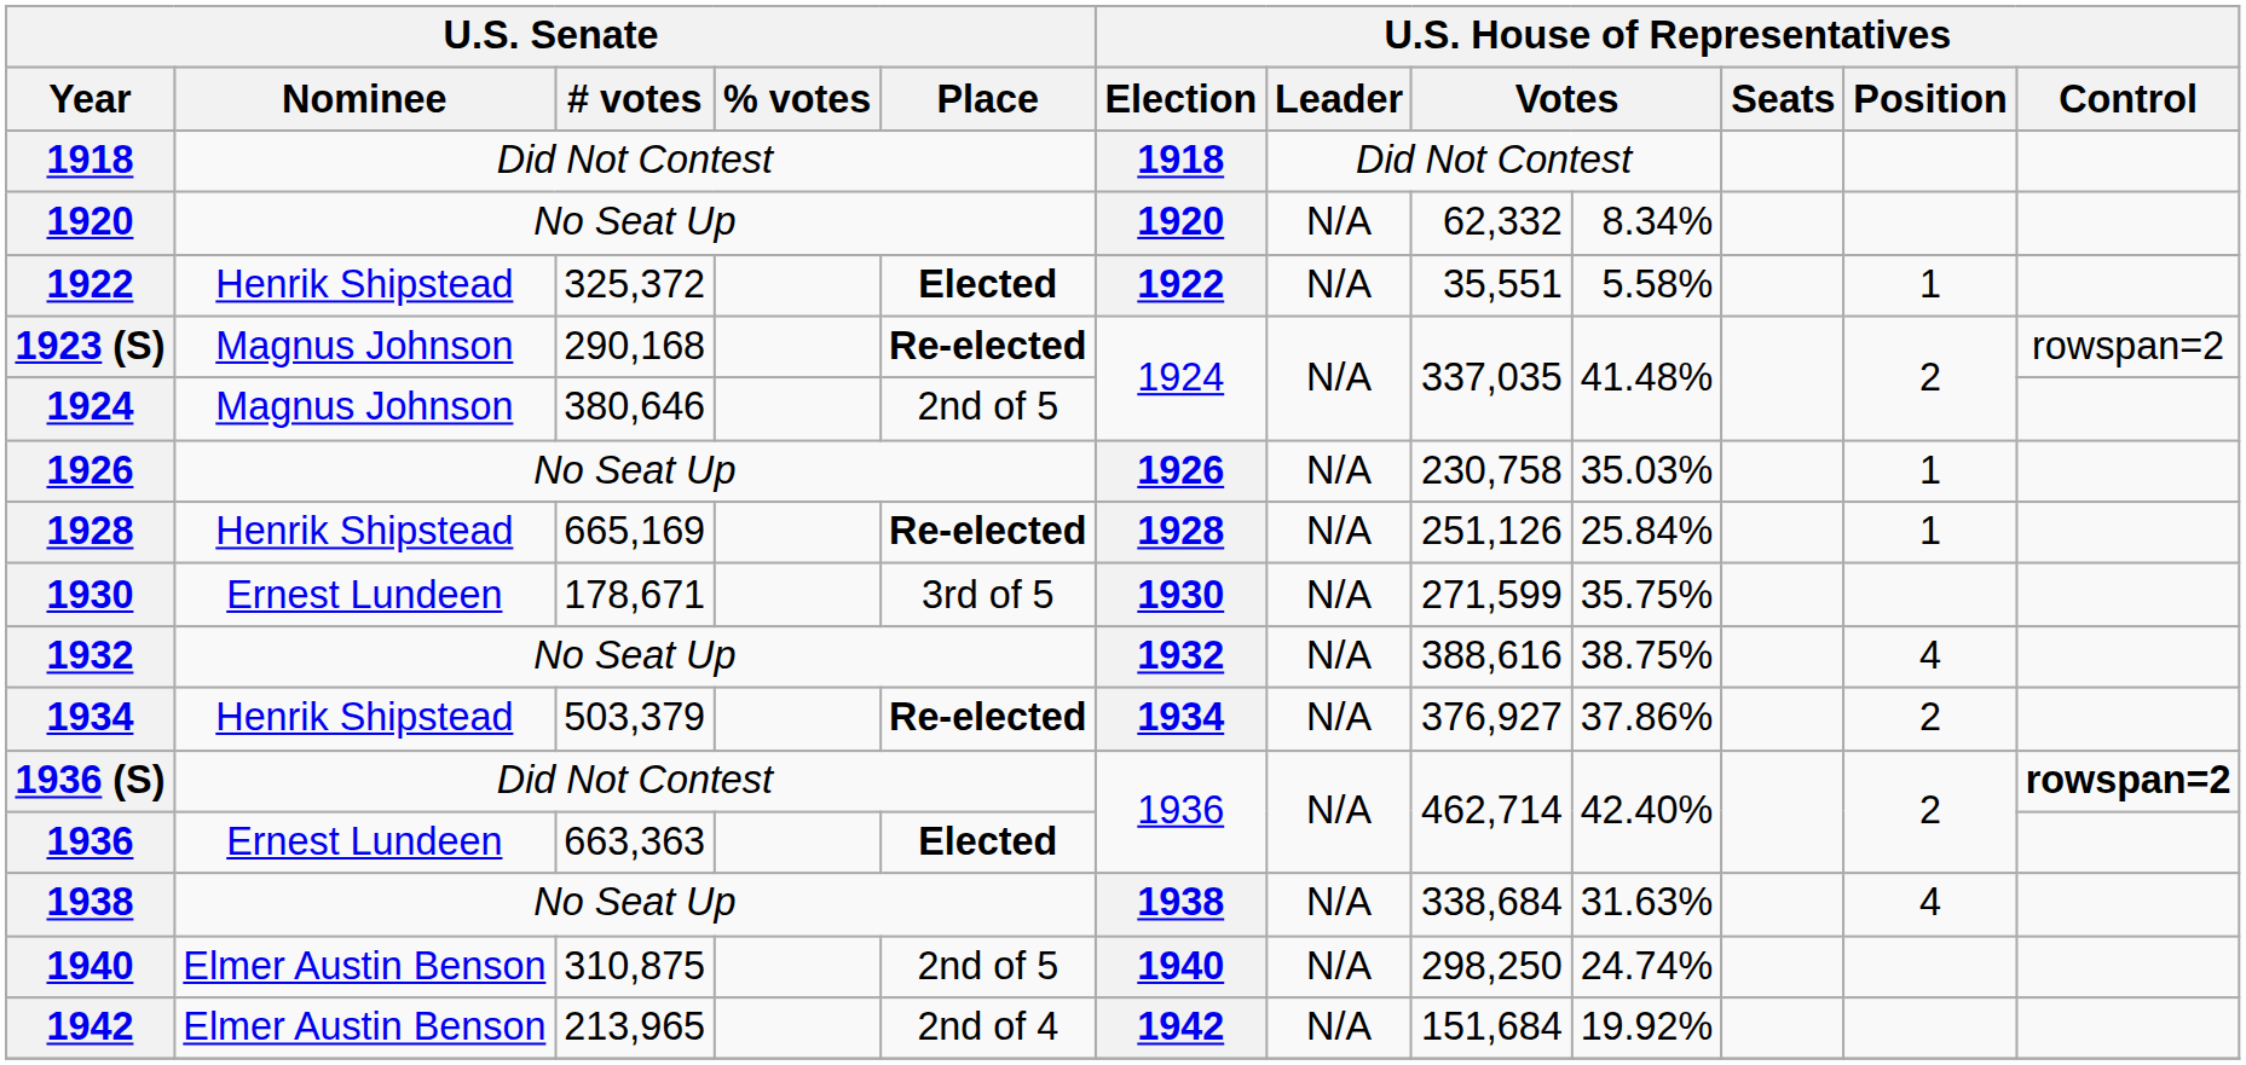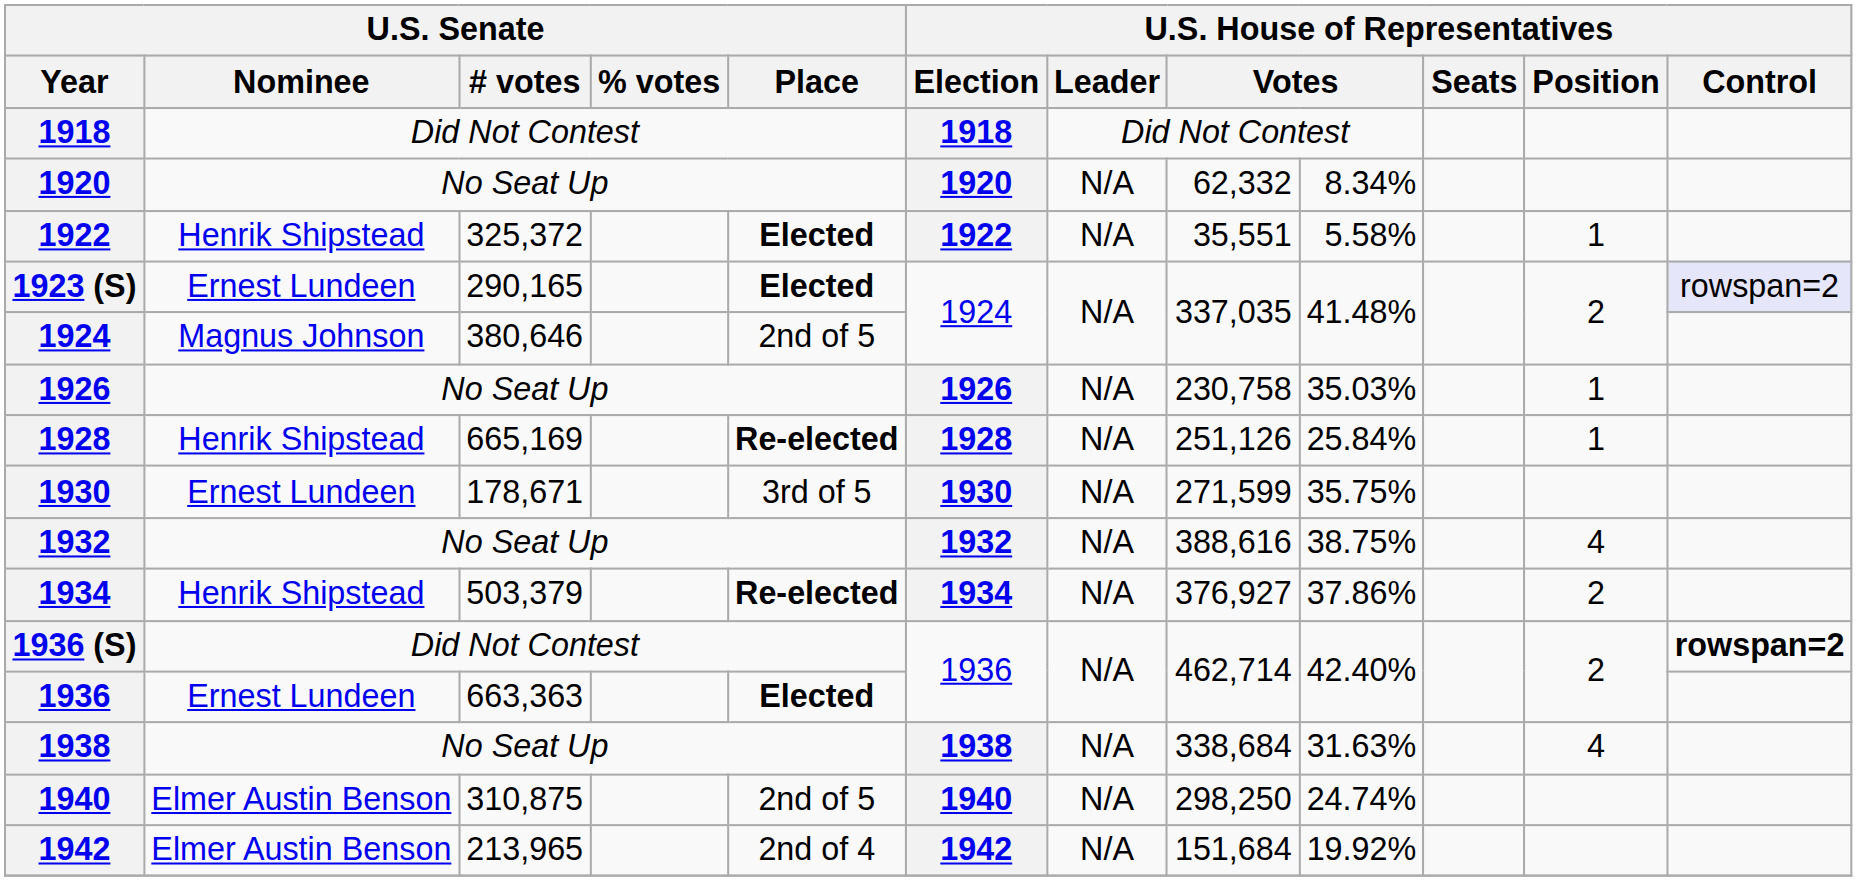 <table class=wikitable style="text-align:center;">
 <tr style="background:lightgrey;">
 <th colspan="5">U.S. Senate</th>
 <th colspan="9">U.S. House of Representatives</th>
 </tr>
 <tr style="background:lightgrey;">
 <th>Year</th>
 <th>Nominee</th>
 <th># votes</th>
 <th>% votes</th>
 <th>Place</th>
 <th>Election</th>
 <th>Leader</th>
 <th colspan=2>Votes</th>
 <th>Seats</th>
 <th>Position</th>
 <th>Control</th>
 </tr>
 <tr>
 <th><a href='#'>1918</a></th>
 <td colspan=4><em>Did Not Contest</em></td>
 <th><a href='#'>1918</a></th>
 <td colspan=3><em>Did Not Contest</em></td>
 <td style="text-align:center;"></td>
 <td></td>
 <td></td>
 </tr>
 <tr>
 <th><a href='#'>1920</a></th>
 <td colspan=4><em>No Seat Up</em></td>
 <th><a href='#'>1920</a></th>
 <td>N/A</td>
 <td style="text-align:right;">62,332</td>
 <td style="text-align:right;">8.34%</td>
 <td style="text-align:center;"></td>
 <td></td>
 <td></td>
 </tr>
 <tr>
 <th><a href='#'>1922</a></th>
 <td><a href='#'>Henrik Shipstead</a></td>
 <td>325,372</td>
 <td></td>
 <td><strong>Elected</strong></td>
 <th><a href='#'>1922</a></th>
 <td>N/A</td>
 <td style="text-align:right;">35,551</td>
 <td style="text-align:right;">5.58%</td>
 <td style="text-align:center;"></td>
 <td> 1</td>
 <td></td>
 </tr>
 <tr>
 <th><a href='#'>1923</a> (S)</th>
-<td><a href='#'>Magnus Johnson</a></td>
-<td>290,168</td>
+<td><a href='#'>Ernest Lundeen</a></td>
+<td>290,165</td>
 <td></td>
-<td><strong>Re-elected</strong></td>
+<td><strong>Elected</strong></td>
 <td rowspan=2><a href='#'>1924</a></td>
 <td rowspan=2>N/A</td>
 <td rowspan=2 style="text-align:right;">337,035</td>
 <td rowspan=2 style="text-align:right;">41.48%</td>
 <td rowspan=2 style="text-align:center;"></td>
 <td rowspan=2> 2</td>
-<td>rowspan=2 </td>
+<td style="background: lavender;">rowspan=2 </td>
 </tr>
 <tr>
 <th><a href='#'>1924</a></th>
 <td><a href='#'>Magnus Johnson</a></td>
 <td>380,646</td>
 <td></td>
 <td>2nd of 5</td>
 </tr>
 <tr>
 <th><a href='#'>1926</a></th>
 <td colspan=4><em>No Seat Up</em></td>
 <th><a href='#'>1926</a></th>
 <td>N/A</td>
 <td style="text-align:right;">230,758</td>
 <td style="text-align:right;">35.03%</td>
 <td style="text-align:center;"></td>
 <td> 1</td>
 <td></td>
 </tr>
 <tr>
 <th><a href='#'>1928</a></th>
 <td><a href='#'>Henrik Shipstead</a></td>
 <td>665,169</td>
 <td></td>
 <td><strong>Re-elected</strong></td>
 <th><a href='#'>1928</a></th>
 <td>N/A</td>
 <td style="text-align:right;">251,126</td>
 <td style="text-align:right;">25.84%</td>
 <td style="text-align:center;"></td>
 <td> 1</td>
 <td></td>
 </tr>
 <tr>
 <th><a href='#'>1930</a></th>
 <td><a href='#'>Ernest Lundeen</a></td>
 <td>178,671</td>
 <td></td>
 <td>3rd of 5</td>
 <th><a href='#'>1930</a></th>
 <td>N/A</td>
 <td style="text-align:right;">271,599</td>
 <td style="text-align:right;">35.75%</td>
 <td style="text-align:center;"></td>
 <td></td>
 <td></td>
 </tr>
 <tr>
 <th><a href='#'>1932</a></th>
 <td colspan=4><em>No Seat Up</em></td>
 <th><a href='#'>1932</a></th>
 <td>N/A</td>
 <td style="text-align:right;">388,616</td>
 <td style="text-align:right;">38.75%</td>
 <td style="text-align:center;"></td>
 <td> 4</td>
 <td></td>
 </tr>
 <tr>
 <th><a href='#'>1934</a></th>
 <td><a href='#'>Henrik Shipstead</a></td>
 <td>503,379</td>
 <td></td>
 <td><strong>Re-elected</strong></td>
 <th><a href='#'>1934</a></th>
 <td>N/A</td>
 <td style="text-align:right;">376,927</td>
 <td style="text-align:right;">37.86%</td>
 <td style="text-align:center;"></td>
 <td> 2</td>
 <td></td>
 </tr>
 <tr>
 <th><a href='#'>1936</a> (S)</th>
 <td colspan=4><em>Did Not Contest</em></td>
 <td rowspan=2><a href='#'>1936</a></td>
 <td rowspan=2>N/A</td>
 <td rowspan=2 style="text-align:right;">462,714</td>
 <td rowspan=2 style="text-align:right;">42.40%</td>
 <td rowspan=2 style="text-align:center;"></td>
 <td rowspan=2> 2</td>
 <td><strong>rowspan=2 </strong></td>
 </tr>
 <tr>
 <th><a href='#'>1936</a></th>
 <td><a href='#'>Ernest Lundeen</a></td>
 <td>663,363</td>
 <td></td>
 <td><strong>Elected</strong></td>
 </tr>
 <tr>
 <th><a href='#'>1938</a></th>
 <td colspan=4><em>No Seat Up</em></td>
 <th><a href='#'>1938</a></th>
 <td>N/A</td>
 <td style="text-align:right;">338,684</td>
 <td style="text-align:right;">31.63%</td>
 <td style="text-align:center;"></td>
 <td> 4</td>
 <td></td>
 </tr>
 <tr>
 <th><a href='#'>1940</a></th>
 <td><a href='#'>Elmer Austin Benson</a></td>
 <td>310,875</td>
 <td></td>
 <td>2nd of 5</td>
 <th><a href='#'>1940</a></th>
 <td>N/A</td>
 <td style="text-align:right;">298,250</td>
 <td style="text-align:right;">24.74%</td>
 <td style="text-align:center;"></td>
 <td></td>
 <td></td>
 </tr>
 <tr>
 <th><a href='#'>1942</a></th>
 <td><a href='#'>Elmer Austin Benson</a></td>
 <td>213,965</td>
 <td></td>
 <td>2nd of 4</td>
 <th><a href='#'>1942</a></th>
 <td>N/A</td>
 <td style="text-align:right;">151,684</td>
 <td style="text-align:right;">19.92%</td>
 <td style="text-align:center;"></td>
 <td></td>
 <td></td>
 </tr>
 <tr>
 </tr>
 </table>
